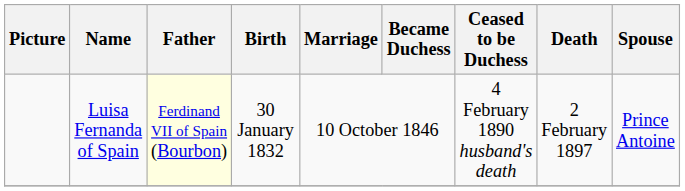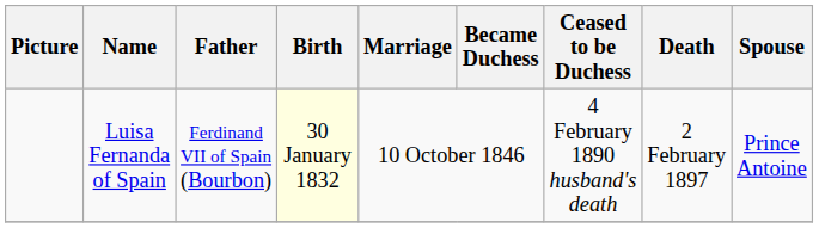 <table width=95% class="wikitable">
 <tr>
 <th width = "8%">Picture</th>
 <th width = "10%">Name</th>
 <th width = "9%">Father</th>
 <th width = "10%">Birth</th>
 <th width = "9%">Marriage</th>
 <th width = "9%">Became Duchess</th>
 <th width = "9%">Ceased to be Duchess</th>
 <th width = "9%">Death</th>
 <th width = "7%">Spouse</th>
 </tr>
 <tr>
 <td align="center"></td>
 <td align="center"><a href='#'>Luisa Fernanda of Spain</a></td>
-<td align="center" style="background: lightyellow;"><small><a href='#'>Ferdinand VII of Spain</a></small><br> (<a href='#'>Bourbon</a>)</td>
-<td align="center">30 January 1832</td>
+<td align="center"><small><a href='#'>Ferdinand VII of Spain</a></small><br> (<a href='#'>Bourbon</a>)</td>
+<td align="center" style="background: lightyellow;">30 January 1832</td>
 <td align="center" colspan="2">10 October 1846</td>
 <td align="center">4 February 1890<br><em>husband's death</em></td>
 <td align="center">2 February 1897</td>
 <td align="center"><a href='#'>Prince Antoine</a></td>
 </tr>
 <tr>
 </tr>
 </table>
